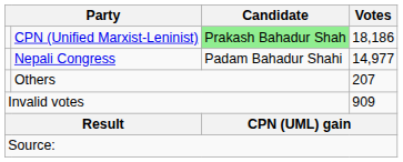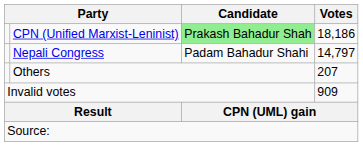 <table class="wikitable">
 <tr>
 <th colspan="2">Party</th>
 <th>Candidate</th>
 <th>Votes</th>
 </tr>
 <tr>
 <td style="background-color:"></td>
 <td><a href='#'>CPN (Unified Marxist-Leninist)</a></td>
 <td style="background: lightgreen;">Prakash Bahadur Shah</td>
 <td>18,186</td>
 </tr>
 <tr>
 <td style="background-color:"></td>
 <td><a href='#'>Nepali Congress</a></td>
 <td>Padam Bahadur Shahi</td>
-<td>14,977</td>
+<td>14,797</td>
 </tr>
 <tr>
 <td></td>
 <td colspan="2">Others</td>
 <td>207</td>
 </tr>
 <tr>
 <td colspan="3">Invalid votes</td>
 <td>909</td>
 </tr>
 <tr>
 <th colspan="2">Result</th>
 <th colspan="2">CPN (UML) gain</th>
 </tr>
 <tr>
 <td colspan="4">Source: </td>
 </tr>
 </table>
